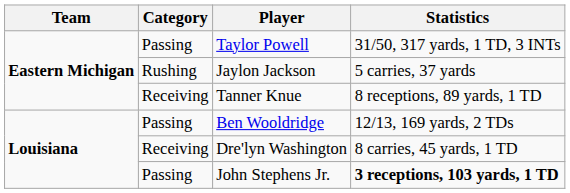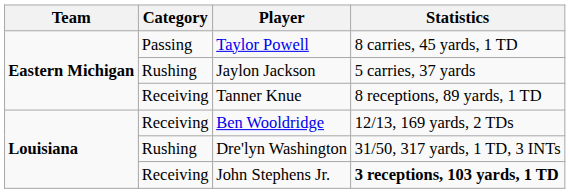 <table class="wikitable" style="float: left;">
 <tr>
 <th>Team</th>
 <th>Category</th>
 <th>Player</th>
 <th>Statistics</th>
 </tr>
 <tr>
 <td rowspan=3><strong>Eastern Michigan</strong></td>
 <td>Passing</td>
 <td><a href='#'>Taylor Powell</a></td>
-<td>31/50, 317 yards, 1 TD, 3 INTs</td>
+<td>8 carries, 45 yards, 1 TD</td>
 </tr>
 <tr>
 <td>Rushing</td>
 <td>Jaylon Jackson</td>
 <td>5 carries, 37 yards</td>
 </tr>
 <tr>
 <td>Receiving</td>
 <td>Tanner Knue</td>
 <td>8 receptions, 89 yards, 1 TD</td>
 </tr>
 <tr>
 <td rowspan=3><strong>Louisiana</strong></td>
-<td>Passing</td>
+<td>Receiving</td>
 <td><a href='#'>Ben Wooldridge</a></td>
 <td>12/13, 169 yards, 2 TDs</td>
 </tr>
 <tr>
-<td>Receiving</td>
+<td>Rushing</td>
 <td>Dre'lyn Washington</td>
-<td>8 carries, 45 yards, 1 TD</td>
+<td>31/50, 317 yards, 1 TD, 3 INTs</td>
 </tr>
 <tr>
-<td>Passing</td>
+<td>Receiving</td>
 <td>John Stephens Jr.</td>
 <td><strong>3 receptions, 103 yards, 1 TD</strong></td>
 </tr>
 </table>
